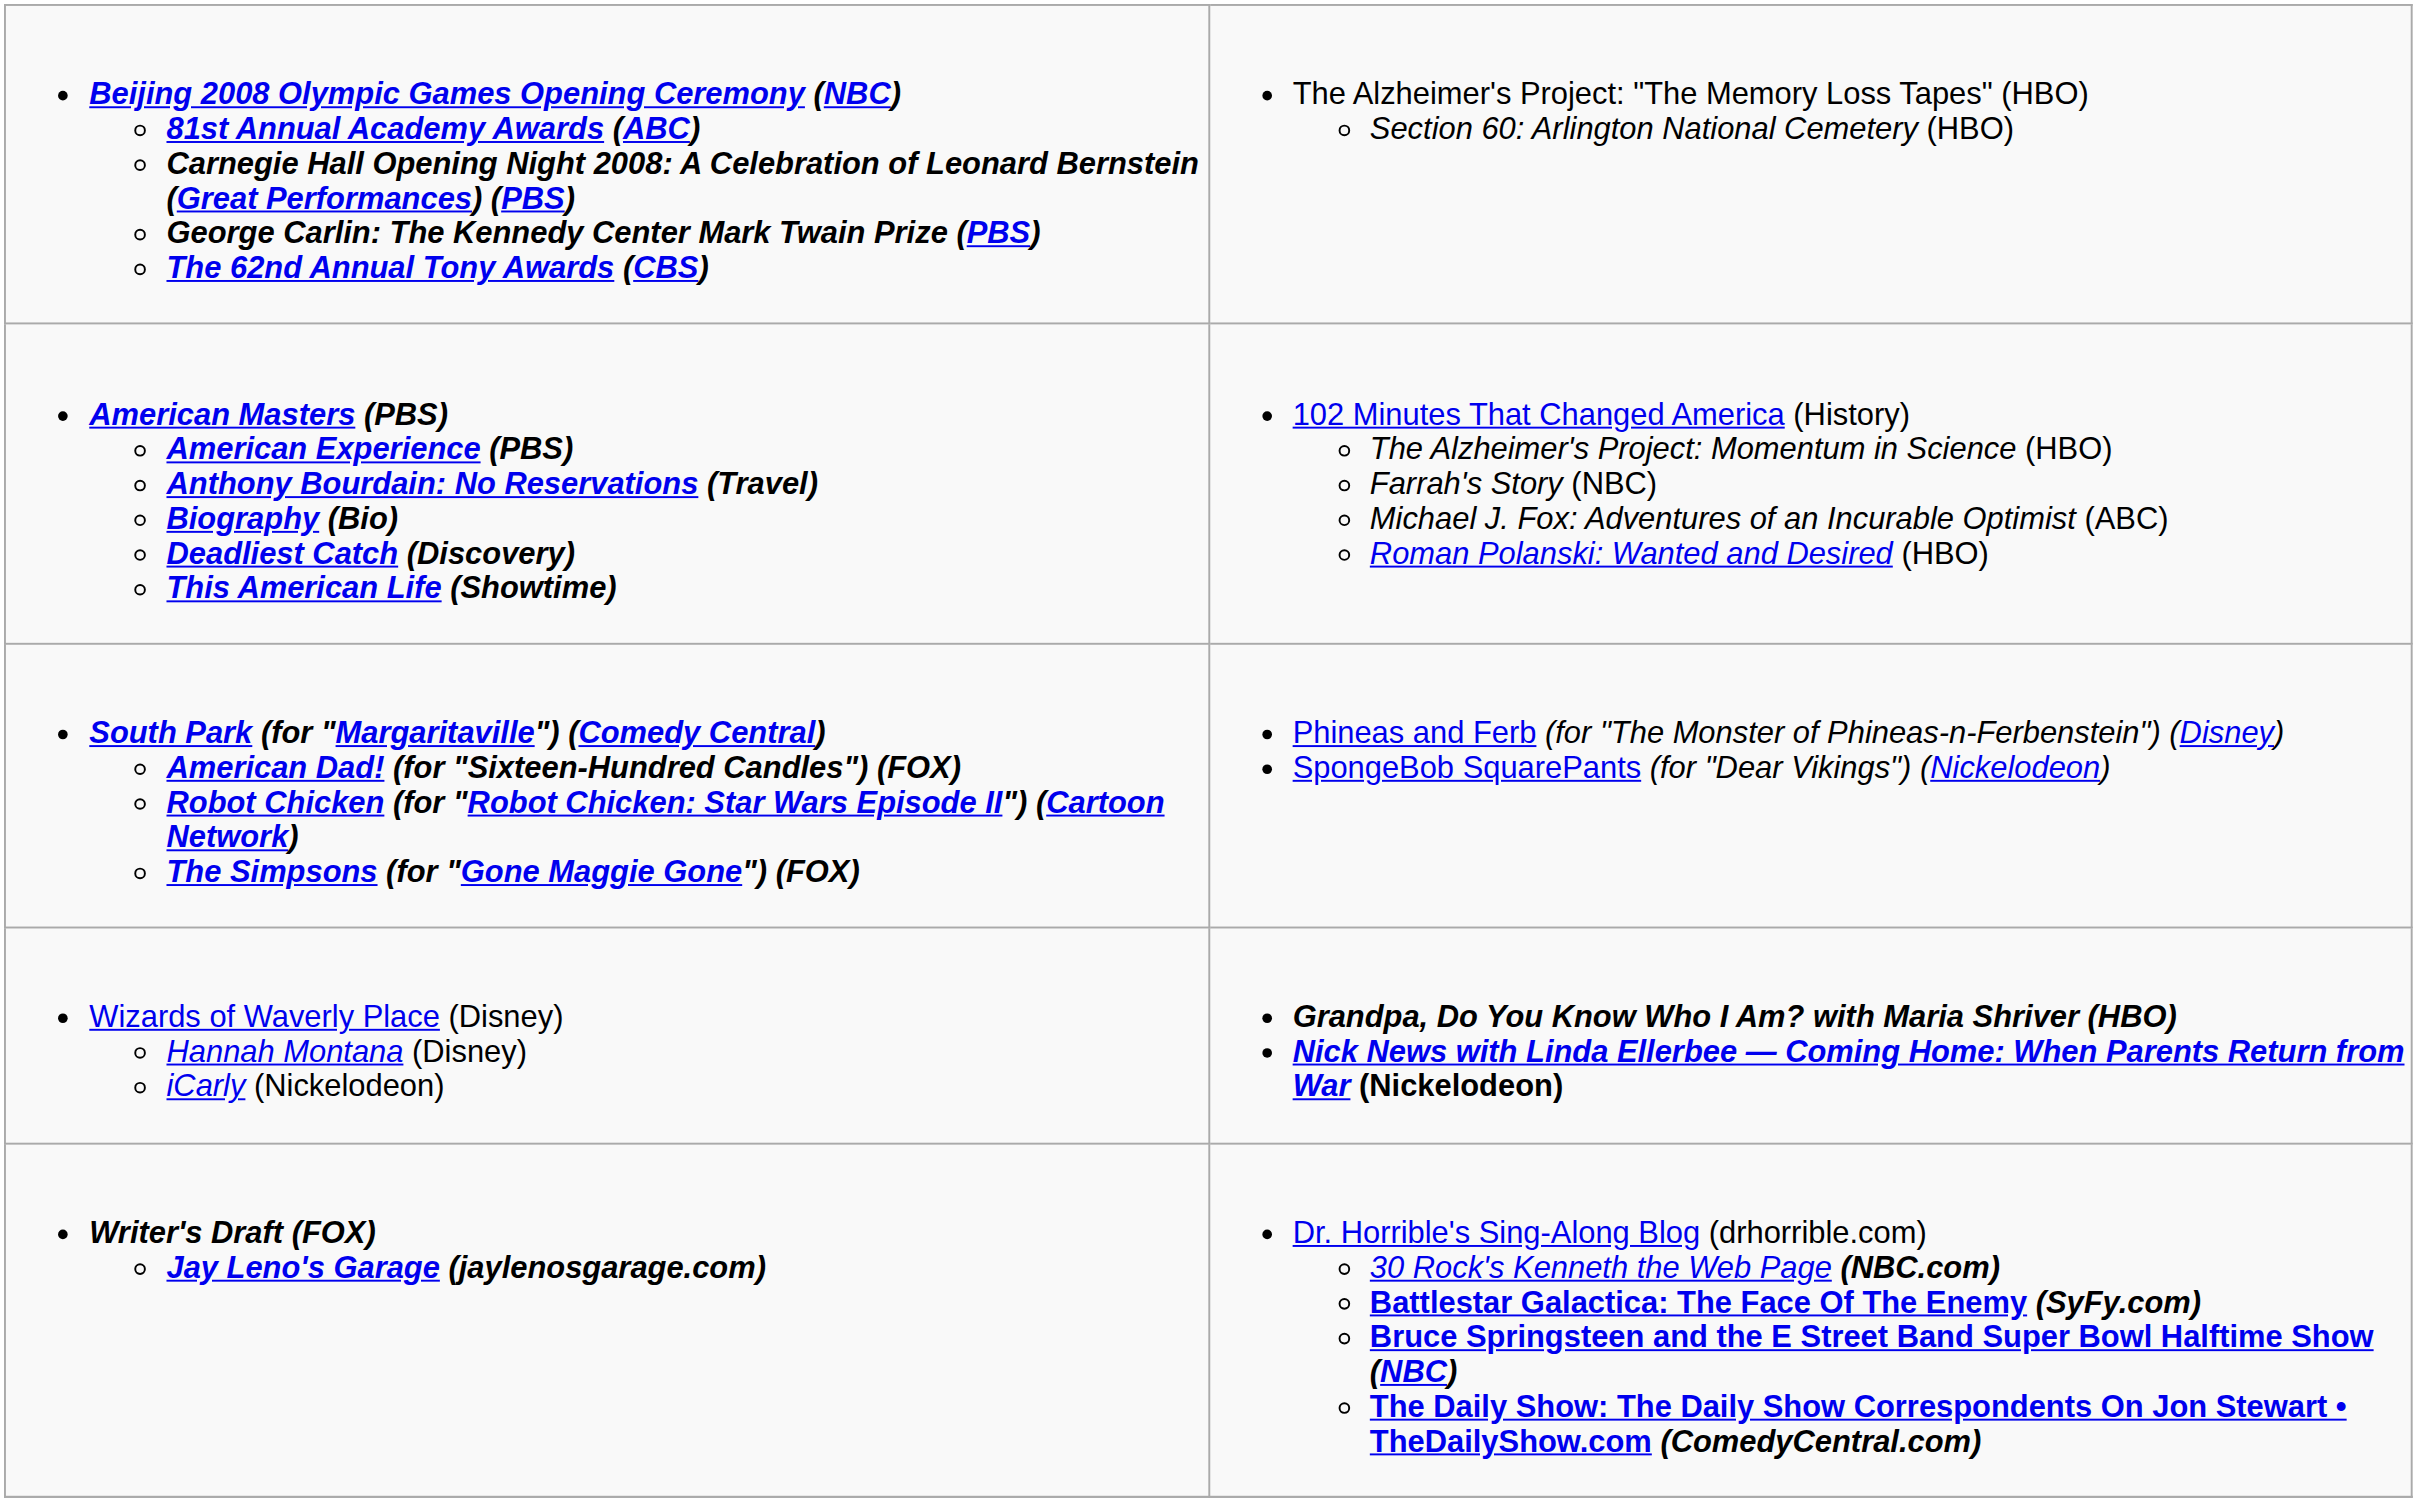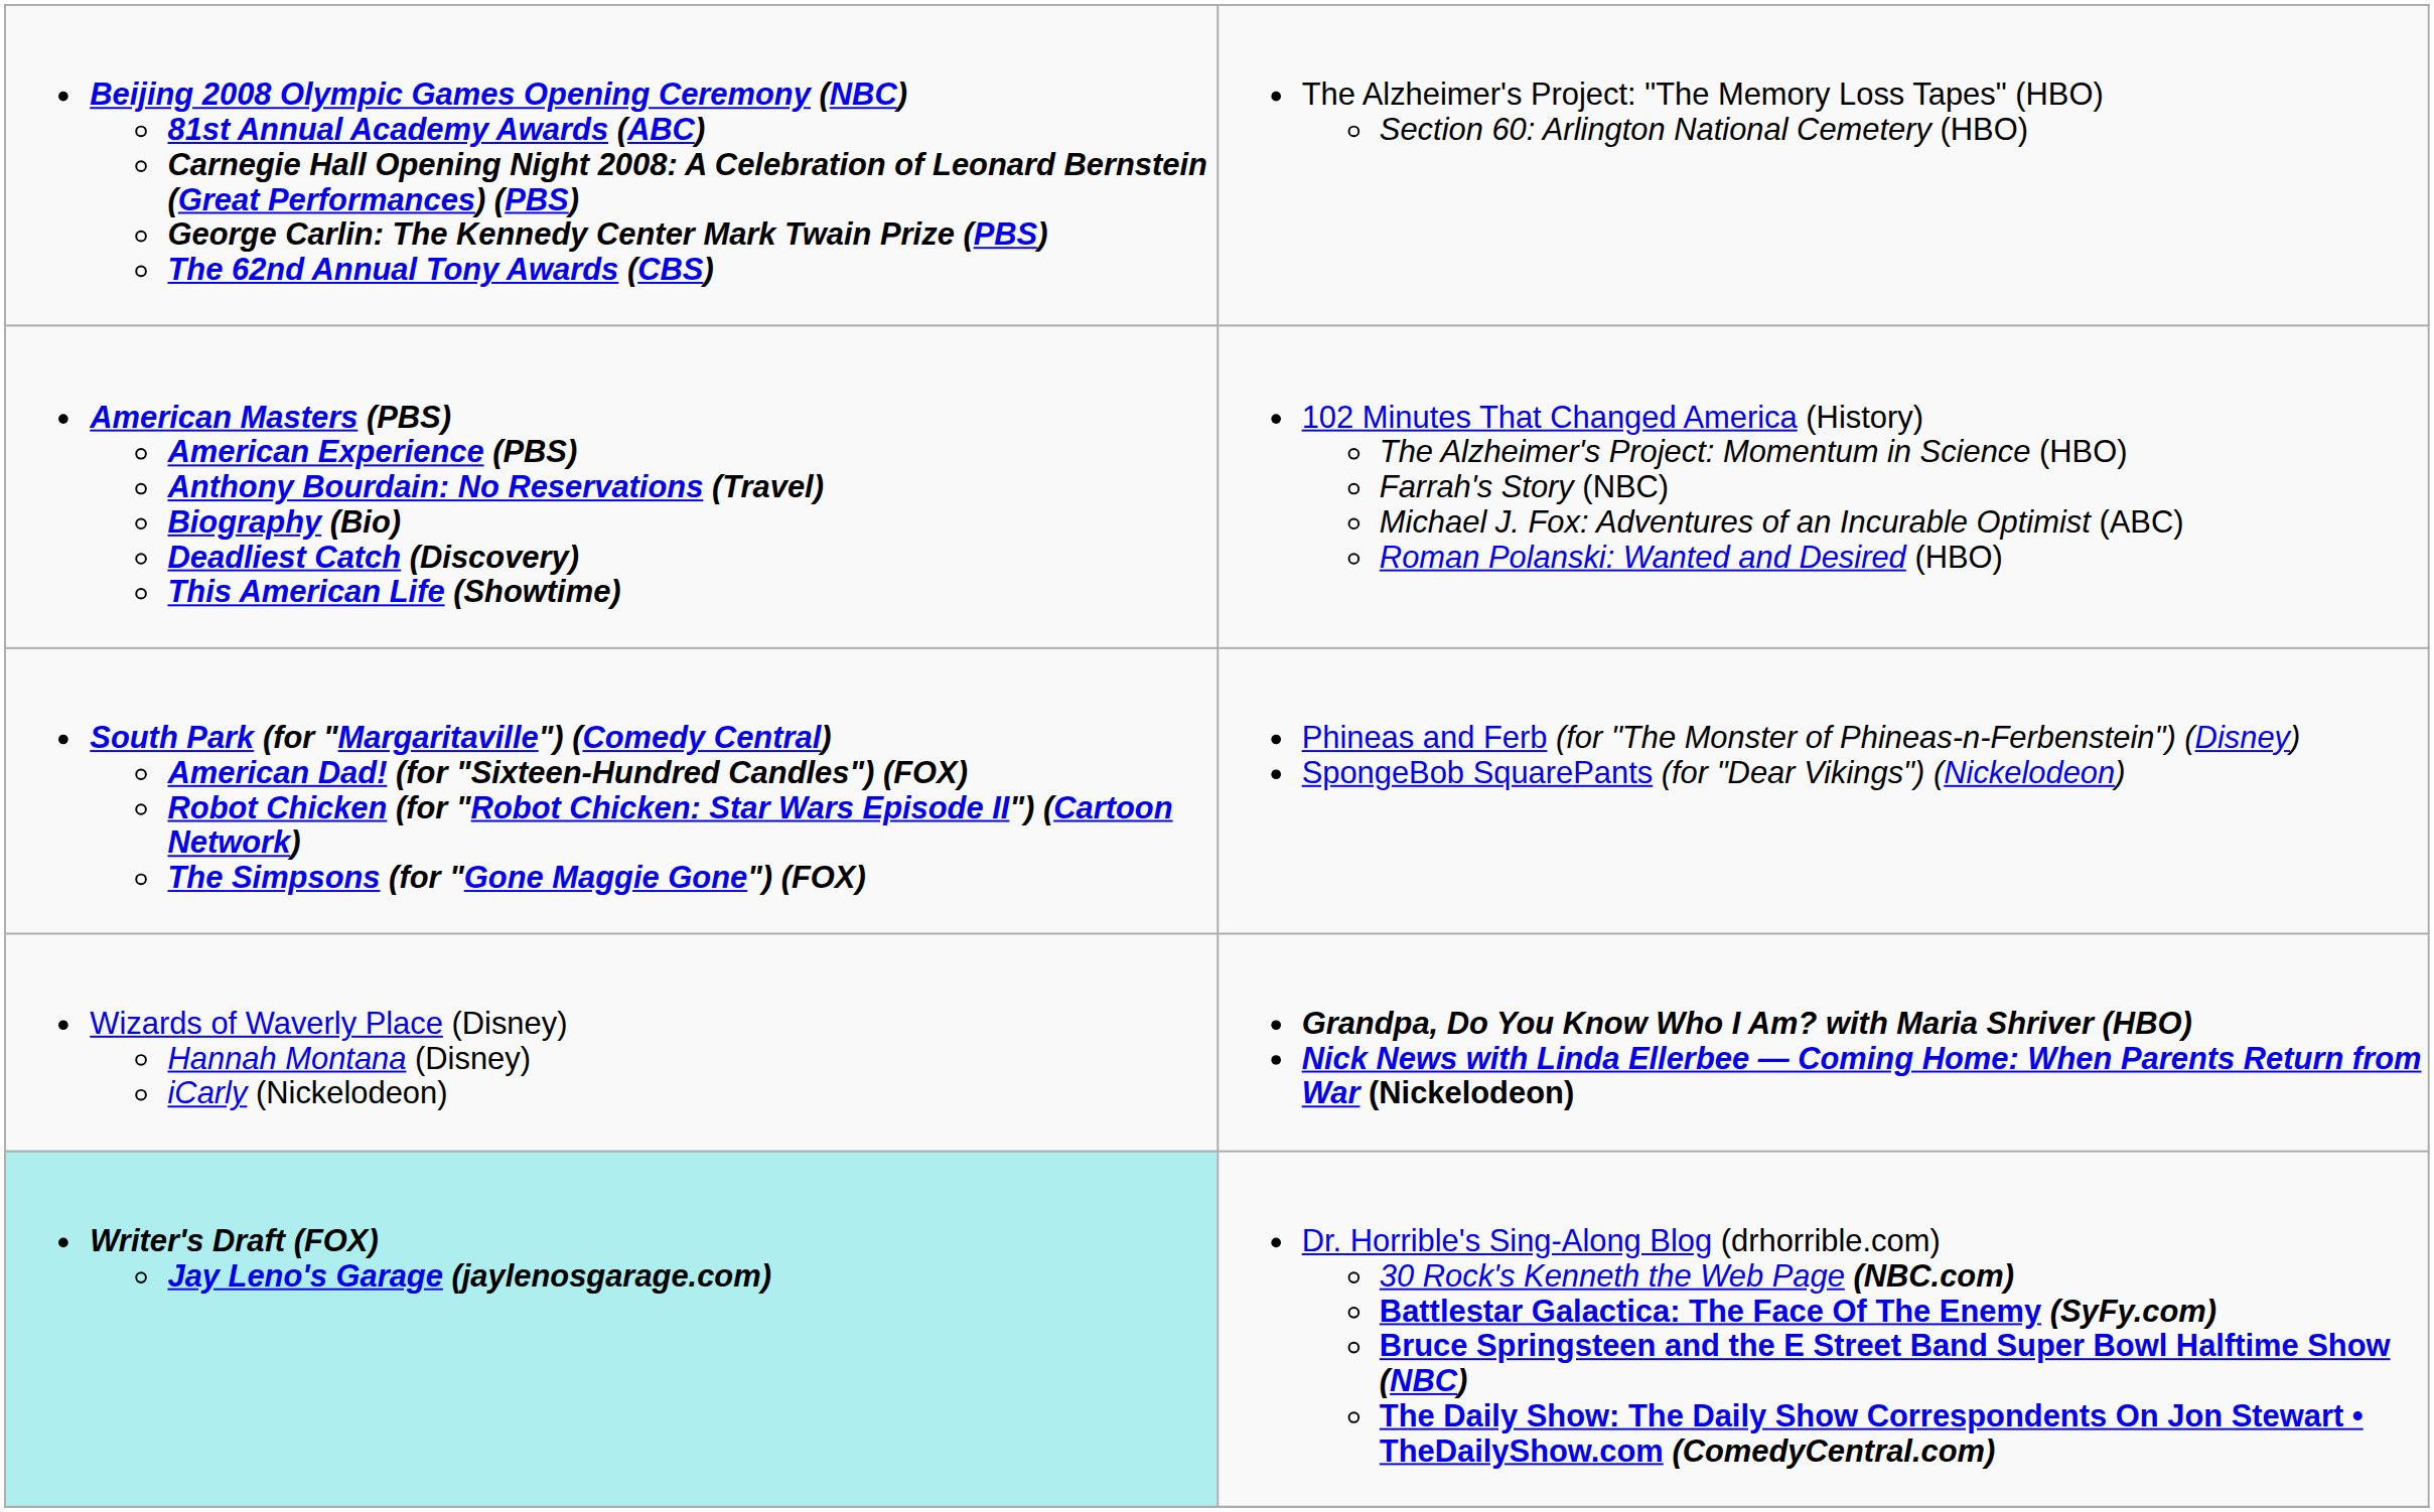 <table class="wikitable">
 <tr>
 <td style="vertical-align:top;" width="50%"><br><ul><li><strong><em><a href='#'>Beijing 2008 Olympic Games Opening Ceremony</a><em> (<a href='#'>NBC</a>)<strong><ul><li></em><a href='#'>81st Annual Academy Awards</a><em> (<a href='#'>ABC</a>)</li><li></em>Carnegie Hall Opening Night 2008: A Celebration of Leonard Bernstein (<a href='#'>Great Performances</a>)<em> (<a href='#'>PBS</a>)</li><li></em>George Carlin: The Kennedy Center Mark Twain Prize<em> (<a href='#'>PBS</a>)</li><li></em><a href='#'>The 62nd Annual Tony Awards</a><em> (<a href='#'>CBS</a>)</li></ul></li></ul></td>
 <td style="vertical-align:top;" width="50%"><br><ul><li></em></strong>The Alzheimer's Project: "The Memory Loss Tapes"</em> (HBO)</strong><ul><li><em>Section 60: Arlington National Cemetery</em> (HBO)</li></ul></li></ul></td>
 </tr>
 <tr>
 <td style="vertical-align:top;" width="50%"><br><ul><li><strong><em><a href='#'>American Masters</a><em> (PBS)<strong><ul><li></em><a href='#'>American Experience</a><em> (PBS)</li><li></em><a href='#'>Anthony Bourdain: No Reservations</a><em> (Travel)</li><li></em><a href='#'>Biography</a><em> (Bio)</li><li></em><a href='#'>Deadliest Catch</a><em> (Discovery)</li><li></em><a href='#'>This American Life</a><em> (Showtime)</li></ul></li></ul></td>
 <td style="vertical-align:top;" width="50%"><br><ul><li></em></strong><a href='#'>102 Minutes That Changed America</a></em> (History)</strong><ul><li><em>The Alzheimer's Project: Momentum in Science</em> (HBO)</li><li><em>Farrah's Story</em> (NBC)</li><li><em>Michael J. Fox: Adventures of an Incurable Optimist</em> (ABC)</li><li><em><a href='#'>Roman Polanski: Wanted and Desired</a></em> (HBO)</li></ul></li></ul></td>
 </tr>
 <tr>
 <td style="vertical-align:top;" width="50%"><br><ul><li><strong><em><a href='#'>South Park</a><em> (for "<a href='#'>Margaritaville</a>") (<a href='#'>Comedy Central</a>)<strong><ul><li></em><a href='#'>American Dad!</a><em> (for "Sixteen-Hundred Candles") (FOX)</li><li></em><a href='#'>Robot Chicken</a><em> (for "<a href='#'>Robot Chicken: Star Wars Episode II</a>") (<a href='#'>Cartoon Network</a>)</li><li></em><a href='#'>The Simpsons</a><em> (for "<a href='#'>Gone Maggie Gone</a>") (FOX)</li></ul></li></ul></td>
 <td style="vertical-align:top;" width="50%"><br><ul><li></em><a href='#'>Phineas and Ferb</a><em> (for "The Monster of Phineas-n-Ferbenstein") (<a href='#'>Disney</a>)</li><li></em><a href='#'>SpongeBob SquarePants</a><em> (for "Dear Vikings") (<a href='#'>Nickelodeon</a>)</li></ul></td>
 </tr>
 <tr>
 <td style="vertical-align:top;" width="50%"><br><ul><li></em></strong><a href='#'>Wizards of Waverly Place</a></em> (Disney)</strong><ul><li><em><a href='#'>Hannah Montana</a></em> (Disney)</li><li><em><a href='#'>iCarly</a></em> (Nickelodeon)</li></ul></li></ul></td>
 <td style="vertical-align:top;" width="50%"><br><ul><li><strong><em>Grandpa, Do You Know Who I Am? with Maria Shriver<em> (HBO)<strong></li><li></em></strong><a href='#'>Nick News with Linda Ellerbee — Coming Home: When Parents Return from War</a></em> (Nickelodeon)</strong></li></ul></td>
 </tr>
 <tr>
-<td style="vertical-align:top;" width="50%"><br><ul><li><strong><em>Writer's Draft<em> (FOX)<strong><ul><li></em><a href='#'>Jay Leno's Garage</a><em> (jaylenosgarage.com)</li></ul></li></ul></td>
+<td style="background: paleturquoise; vertical-align:top;" width="50%"><br><ul><li><strong><em>Writer's Draft<em> (FOX)<strong><ul><li></em><a href='#'>Jay Leno's Garage</a><em> (jaylenosgarage.com)</li></ul></li></ul></td>
 <td style="vertical-align:top;" width="50%"><br><ul><li></em></strong><a href='#'>Dr. Horrible's Sing-Along Blog</a></em> (drhorrible.com)</strong><ul><li><em><a href='#'>30 Rock's Kenneth the Web Page</a><strong> (NBC.com)</li><li></em><a href='#'>Battlestar Galactica: The Face Of The Enemy</a><em> (SyFy.com)</li><li></em><a href='#'>Bruce Springsteen and the E Street Band Super Bowl Halftime Show</a><em> (<a href='#'>NBC</a>)</li><li></em><a href='#'>The Daily Show: The Daily Show Correspondents On Jon Stewart • TheDailyShow.com</a><em> (ComedyCentral.com)</li></ul></li></ul></td>
 </tr>
 <tr>
 </tr>
 </table>
